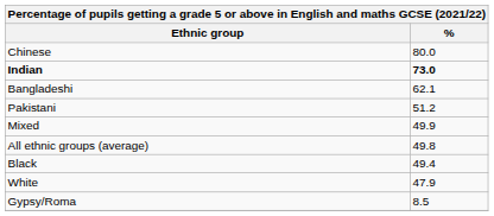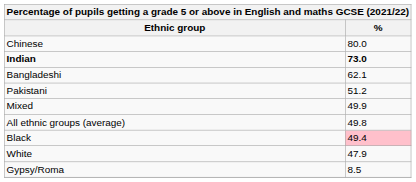 <table class="wikitable sortable">
 <tr>
 <th colspan="3">Percentage of pupils getting a grade 5 or above in English and maths GCSE (2021/22)</th>
 </tr>
 <tr>
 <th>Ethnic group</th>
 <th>%</th>
 </tr>
 <tr>
 <td>Chinese</td>
 <td>80.0</td>
 </tr>
 <tr>
 <td><strong>Indian</strong></td>
 <td><strong>73.0</strong></td>
 </tr>
 <tr>
 <td>Bangladeshi</td>
 <td>62.1</td>
 </tr>
 <tr>
 <td>Pakistani</td>
 <td>51.2</td>
 </tr>
 <tr>
 <td>Mixed</td>
 <td>49.9</td>
 </tr>
 <tr>
 <td>All ethnic groups (average)</td>
 <td>49.8</td>
 </tr>
 <tr>
 <td>Black</td>
-<td>49.4</td>
+<td style="background: pink;">49.4</td>
 </tr>
 <tr>
 <td>White</td>
 <td>47.9</td>
 </tr>
 <tr>
 <td>Gypsy/Roma</td>
 <td>8.5</td>
 </tr>
 <tr>
 </tr>
 </table>
